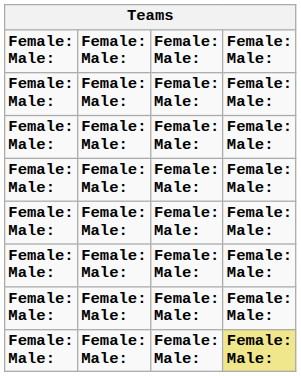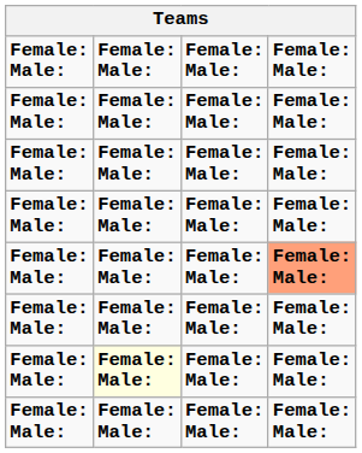 <table class="wikitable" style="font-size:95%;">
 <tr>
 <th colspan=4>Teams</th>
 </tr>
 <tr>
 <td><strong>Female:</strong> <br><strong>Male:</strong> </td>
 <td><strong>Female:</strong> <br><strong>Male:</strong> </td>
 <td><strong>Female:</strong> <br><strong>Male:</strong> </td>
 <td><strong>Female:</strong> <br><strong>Male:</strong> </td>
 </tr>
 <tr>
 <td><strong>Female:</strong> <br><strong>Male:</strong> </td>
 <td><strong>Female:</strong> <br><strong>Male:</strong> </td>
 <td><strong>Female:</strong> <br><strong>Male:</strong> </td>
 <td><strong>Female:</strong> <br><strong>Male:</strong> </td>
 </tr>
 <tr>
 <td><strong>Female:</strong> <br><strong>Male:</strong> </td>
 <td><strong>Female:</strong> <br><strong>Male:</strong> </td>
 <td><strong>Female:</strong> <br><strong>Male:</strong> </td>
 <td><strong>Female:</strong> <br><strong>Male:</strong> </td>
 </tr>
 <tr>
 <td><strong>Female:</strong> <br><strong>Male:</strong> </td>
 <td><strong>Female:</strong> <br><strong>Male:</strong> </td>
 <td><strong>Female:</strong> <br><strong>Male:</strong> </td>
 <td><strong>Female:</strong> <br><strong>Male:</strong> </td>
 </tr>
 <tr>
 <td><strong>Female:</strong> <br><strong>Male:</strong> </td>
 <td><strong>Female:</strong> <br><strong>Male:</strong> </td>
 <td><strong>Female:</strong> <br><strong>Male:</strong> </td>
-<td><strong>Female:</strong> <br><strong>Male:</strong> </td>
+<td style="background: lightsalmon;"><strong>Female:</strong> <br><strong>Male:</strong> </td>
 </tr>
 <tr>
 <td><strong>Female:</strong> <br><strong>Male:</strong> </td>
 <td><strong>Female:</strong> <br><strong>Male:</strong> </td>
 <td><strong>Female:</strong> <br><strong>Male:</strong> </td>
 <td><strong>Female:</strong> <br><strong>Male:</strong> </td>
 </tr>
 <tr>
 <td><strong>Female:</strong> <br><strong>Male:</strong> </td>
-<td><strong>Female:</strong> <br><strong>Male:</strong> </td>
+<td style="background: lightyellow;"><strong>Female:</strong> <br><strong>Male:</strong> </td>
 <td><strong>Female:</strong> <br><strong>Male:</strong> </td>
 <td><strong>Female:</strong> <br><strong>Male:</strong> </td>
 </tr>
 <tr>
 <td><strong>Female:</strong> <br><strong>Male:</strong> </td>
 <td><strong>Female:</strong> <br><strong>Male:</strong> </td>
 <td><strong>Female:</strong> <br><strong>Male:</strong> </td>
-<td style="background: khaki;"><strong>Female:</strong> <br><strong>Male:</strong> </td>
+<td><strong>Female:</strong> <br><strong>Male:</strong> </td>
 </tr>
 </table>
